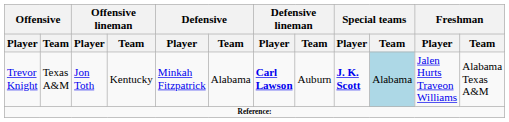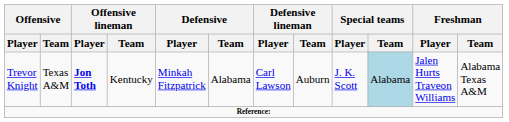 <table class="wikitable">
 <tr>
 <th colspan="2">Offensive</th>
 <th colspan="2">Offensive lineman</th>
 <th colspan="2">Defensive</th>
 <th colspan="2">Defensive lineman</th>
 <th colspan="2">Special teams</th>
 <th colspan="2">Freshman</th>
 </tr>
 <tr>
 <th>Player</th>
 <th>Team</th>
 <th>Player</th>
 <th>Team</th>
 <th>Player</th>
 <th>Team</th>
 <th>Player</th>
 <th>Team</th>
 <th>Player</th>
 <th>Team</th>
 <th>Player</th>
 <th>Team</th>
 </tr>
 <tr>
 <td><a href='#'>Trevor Knight</a></td>
 <td>Texas A&M</td>
-<td><a href='#'>Jon Toth</a></td>
+<td><strong><a href='#'>Jon Toth</a></strong></td>
 <td>Kentucky</td>
 <td><a href='#'>Minkah Fitzpatrick</a></td>
 <td>Alabama</td>
-<td><strong><a href='#'>Carl Lawson</a></strong></td>
+<td><a href='#'>Carl Lawson</a></td>
 <td>Auburn</td>
-<td><strong><a href='#'>J. K. Scott</a></strong></td>
+<td><a href='#'>J. K. Scott</a></td>
 <td style="background: lightblue;">Alabama</td>
 <td><a href='#'>Jalen Hurts</a><br><a href='#'>Traveon Williams</a></td>
 <td>Alabama<br>Texas A&M</td>
 </tr>
 <tr>
 <td colspan="12"  style="font-size:8pt; text-align:center;"><strong>Reference:</strong></td>
 </tr>
 </table>
